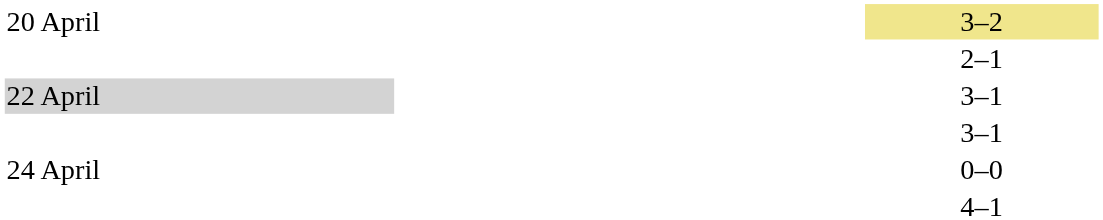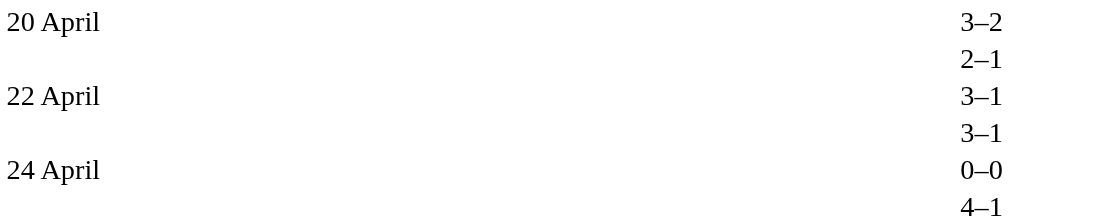 <table cellspacing=1 width=70%>
 <tr>
 <th width=25%></th>
 <th width=30%></th>
 <th width=15%></th>
 <th width=30%></th>
 </tr>
 <tr>
 <td>20 April</td>
 <td align=right></td>
-<td align=center style="background: khaki;">3–2</td>
+<td align=center>3–2</td>
 <td></td>
 </tr>
 <tr>
 <td></td>
 <td align=right></td>
 <td align=center>2–1</td>
 <td></td>
 </tr>
 <tr>
-<td style="background: lightgrey;">22 April</td>
+<td>22 April</td>
 <td align=right></td>
 <td align=center>3–1</td>
 <td></td>
 </tr>
 <tr>
 <td></td>
 <td align=right></td>
 <td align=center>3–1</td>
 <td></td>
 </tr>
 <tr>
 <td>24 April</td>
 <td align=right></td>
 <td align=center>0–0</td>
 <td></td>
 </tr>
 <tr>
 <td></td>
 <td align=right></td>
 <td align=center>4–1</td>
 <td></td>
 </tr>
 </table>
